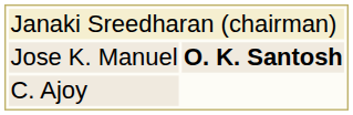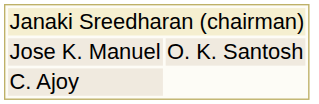 <table style="border: 1px solid #BEB168;background-color:#FDFCF6;">
 <tr>
 <td colspan="2" style="background-color:#F5EFD0;"> Janaki Sreedharan (chairman)</td>
 </tr>
 <tr style="background-color:#F0EADF;">
 <td> Jose K. Manuel</td>
-<td><strong> O. K. Santosh</strong></td>
+<td> O. K. Santosh</td>
 </tr>
 <tr style="background-color:#F0EADF;">
 <td> C. Ajoy</td>
 </tr>
 </table>
